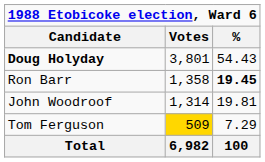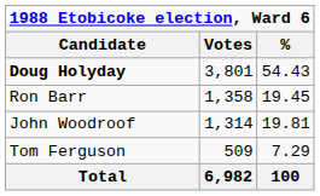 <table class="wikitable">
 <tr>
 <td Colspan="3" align="center"><strong><a href='#'>1988 Etobicoke election</a>, Ward 6</strong></td>
 </tr>
 <tr>
 <th width="150" bgcolor="#ddddff">Candidate</th>
 <th bgcolor="#ddddff">Votes</th>
 <th bgcolor="#ddddff">%</th>
 </tr>
 <tr>
 <td><strong>Doug Holyday</strong></td>
 <td align=right>3,801</td>
 <td align=right>54.43</td>
 </tr>
 <tr>
 <td>Ron Barr</td>
 <td align=right>1,358</td>
-<td align=right><strong>19.45</strong></td>
+<td align=right>19.45</td>
 </tr>
 <tr>
 <td>John Woodroof</td>
 <td align=right>1,314</td>
 <td align=right>19.81</td>
 </tr>
 <tr>
 <td>Tom Ferguson</td>
-<td align=right style="background: gold;">509</td>
+<td align=right>509</td>
 <td align=right>7.29</td>
 </tr>
 <tr>
 <th>Total</th>
 <th align=right>6,982</th>
 <th align=right>100</th>
 </tr>
 </table>
